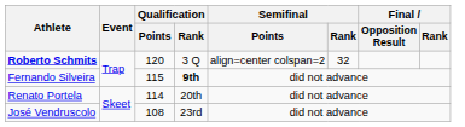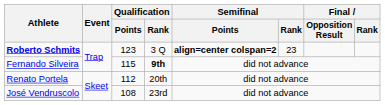 <table class=wikitable style=font-size:90%;text-align:center>
 <tr>
 <th rowspan=2>Athlete</th>
 <th rowspan=2>Event</th>
 <th colspan=2>Qualification</th>
 <th colspan=2>Semifinal</th>
 <th colspan=2>Final / </th>
 </tr>
 <tr style=font-size:95%>
 <th>Points</th>
 <th>Rank</th>
 <th>Points</th>
 <th>Rank</th>
 <th>Opposition<br>Result</th>
 <th>Rank</th>
 </tr>
 <tr>
 <td align=left><strong><a href='#'>Roberto Schmits</a></strong></td>
 <td align=left rowspan=2><a href='#'>Trap</a></td>
-<td>120</td>
+<td>123</td>
 <td>3 Q</td>
-<td>align=center colspan=2</td>
-<td>32</td>
+<td><strong>align=center colspan=2</strong></td>
+<td>23</td>
 <td></td>
 </tr>
 <tr>
 <td align=left><a href='#'>Fernando Silveira</a></td>
 <td>115</td>
 <td><strong>9th</strong></td>
 <td align=center colspan=4>did not advance</td>
 </tr>
 <tr>
 <td align=left><a href='#'>Renato Portela</a></td>
 <td align=left rowspan=2><a href='#'>Skeet</a></td>
-<td>114</td>
+<td>112</td>
 <td>20th</td>
 <td align=center colspan=4>did not advance</td>
 </tr>
 <tr>
 <td align=left><a href='#'>José Vendruscolo</a></td>
 <td>108</td>
 <td>23rd</td>
 <td align=center colspan=4>did not advance</td>
 </tr>
 </table>
